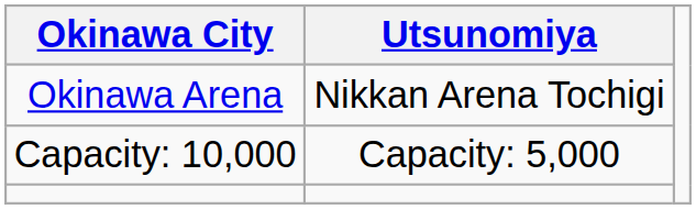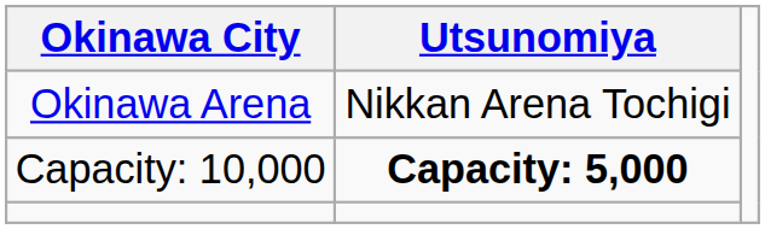 <table class="wikitable" style="text-align:center; margin:1em auto;">
 <tr>
 <th><a href='#'>Okinawa City</a></th>
 <th><a href='#'>Utsunomiya</a></th>
 <td rowspan=4></td>
 </tr>
 <tr>
 <td><a href='#'>Okinawa Arena</a></td>
 <td>Nikkan Arena Tochigi</td>
 </tr>
 <tr>
 <td>Capacity: 10,000</td>
-<td>Capacity: 5,000</td>
+<td><strong>Capacity: 5,000</strong></td>
 </tr>
 <tr>
 <td></td>
 <td></td>
 </tr>
 </table>
